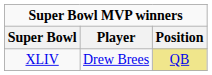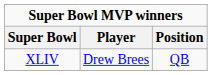 <table class="wikitable sortable" style="text-align:center">
 <tr>
 <td colspan="3"><strong>Super Bowl MVP winners</strong></td>
 </tr>
 <tr>
 <th>Super Bowl</th>
 <th>Player</th>
 <th>Position</th>
 </tr>
 <tr>
 <td><a href='#'>XLIV</a></td>
 <td><a href='#'>Drew Brees</a></td>
-<td style="background: khaki;"><a href='#'>QB</a></td>
+<td><a href='#'>QB</a></td>
 </tr>
 </table>
